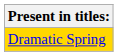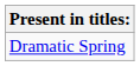 <table class="wikitable">
 <tr>
 <th>Present in titles:</th>
 </tr>
 <tr>
-<td style="background: gold;"><a href='#'>Dramatic Spring</a></td>
+<td><a href='#'>Dramatic Spring</a></td>
 </tr>
 </table>
